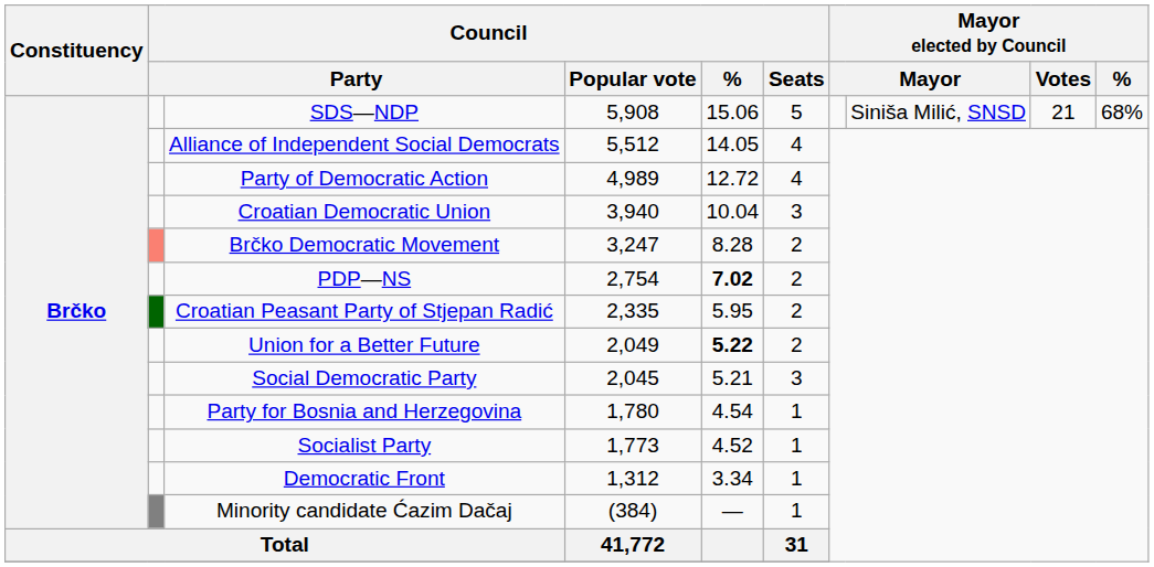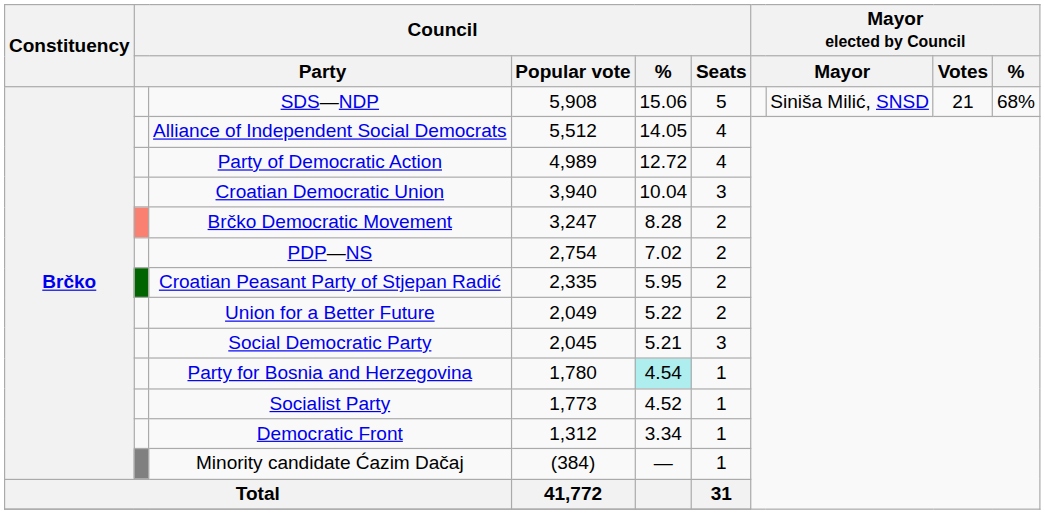 <table class="wikitable">
 <tr>
 <th rowspan=2>Constituency</th>
 <th colspan=5>Council</th>
 <th colspan=5>Mayor<br><small>elected by Council</small></th>
 </tr>
 <tr>
 <th colspan=2>Party</th>
 <th>Popular vote</th>
 <th>%</th>
 <th>Seats</th>
 <th colspan=2>Mayor</th>
 <th>Votes</th>
 <th>%</th>
 </tr>
 <tr>
 <th rowspan=13><a href='#'>Brčko</a></th>
 <td width=5px style="background-color:"></td>
 <td align=center><a href='#'>SDS</a>—<a href='#'>NDP</a></td>
 <td align=center>5,908</td>
 <td align=center>15.06</td>
 <td align=center>5</td>
 <td width=5px style="background-color:"></td>
 <td>Siniša Milić, <a href='#'>SNSD</a></td>
 <td align=center>21</td>
 <td align=center>68%</td>
 </tr>
 <tr>
 <td width=5px style="background-color:"></td>
 <td align=center><a href='#'>Alliance of Independent Social Democrats</a></td>
 <td align=center>5,512</td>
 <td align=center>14.05</td>
 <td align=center>4</td>
 </tr>
 <tr>
 <td width=5px style="background-color:"></td>
 <td align=center><a href='#'>Party of Democratic Action</a></td>
 <td align=center>4,989</td>
 <td align=center>12.72</td>
 <td align=center>4</td>
 </tr>
 <tr>
 <td width=5px style="background-color:"></td>
 <td align=center><a href='#'>Croatian Democratic Union</a></td>
 <td align=center>3,940</td>
 <td align=center>10.04</td>
 <td align=center>3</td>
 </tr>
 <tr>
 <td width=5px style="background-color:salmon"></td>
 <td align=center><a href='#'>Brčko Democratic Movement</a></td>
 <td align=center>3,247</td>
 <td align=center>8.28</td>
 <td align=center>2</td>
 </tr>
 <tr>
 <td width=5px style="background-color:"></td>
 <td align=center><a href='#'>PDP</a>—<a href='#'>NS</a></td>
 <td align=center>2,754</td>
-<td align=center><strong>7.02</strong></td>
+<td align=center>7.02</td>
 <td align=center>2</td>
 </tr>
 <tr>
 <td width=5px style="background-color:darkgreen"></td>
 <td align=center><a href='#'>Croatian Peasant Party of Stjepan Radić</a></td>
 <td align=center>2,335</td>
 <td align=center>5.95</td>
 <td align=center>2</td>
 </tr>
 <tr>
 <td width=5px style="background-color:"></td>
 <td align=center><a href='#'>Union for a Better Future</a></td>
 <td align=center>2,049</td>
-<td align=center><strong>5.22</strong></td>
+<td align=center>5.22</td>
 <td align=center>2</td>
 </tr>
 <tr>
 <td width=5px style="background-color:"></td>
 <td align=center><a href='#'>Social Democratic Party</a></td>
 <td align=center>2,045</td>
 <td align=center>5.21</td>
 <td align=center>3</td>
 </tr>
 <tr>
 <td width=5px style="background-color:"></td>
 <td align=center><a href='#'>Party for Bosnia and Herzegovina</a></td>
 <td align=center>1,780</td>
-<td align=center>4.54</td>
+<td align=center style="background: paleturquoise;">4.54</td>
 <td align=center>1</td>
 </tr>
 <tr>
 <td width=5px style="background-color:"></td>
 <td align=center><a href='#'>Socialist Party</a></td>
 <td align=center>1,773</td>
 <td align=center>4.52</td>
 <td align=center>1</td>
 </tr>
 <tr>
 <td width=5px style="background-color:"></td>
 <td align=center><a href='#'>Democratic Front</a></td>
 <td align=center>1,312</td>
 <td align=center>3.34</td>
 <td align=center>1</td>
 </tr>
 <tr>
 <td width=5px style="background-color:grey"></td>
 <td align=center>Minority candidate Ćazim Dačaj</td>
 <td align=center>(384)</td>
 <td align=center>—</td>
 <td align=center>1</td>
 </tr>
 <tr>
 <th colspan=3><strong>Total</strong></th>
 <th align=center>41,772</th>
 <th align=center></th>
 <th align=center>31</th>
 </tr>
 <tr>
 </tr>
 </table>
